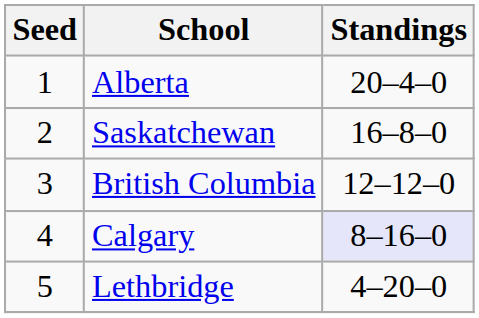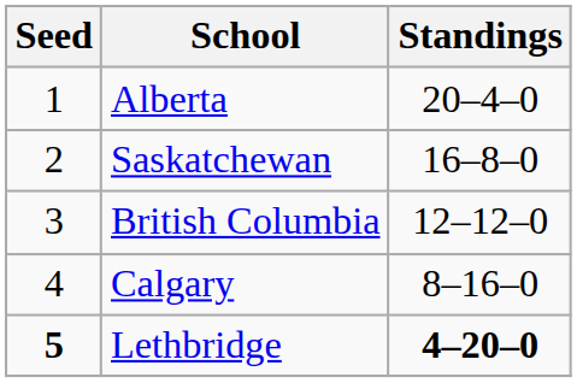 <table class="wikitable">
 <tr>
 <th>Seed</th>
 <th>School</th>
 <th>Standings</th>
 </tr>
 <tr>
 <td align=center>1</td>
 <td><a href='#'>Alberta</a></td>
 <td align=center>20–4–0</td>
 </tr>
 <tr>
 <td align=center>2</td>
 <td><a href='#'>Saskatchewan</a></td>
 <td align=center>16–8–0</td>
 </tr>
 <tr>
 <td align=center>3</td>
 <td><a href='#'>British Columbia</a></td>
 <td align=center>12–12–0</td>
 </tr>
 <tr>
 <td align=center>4</td>
 <td><a href='#'>Calgary</a></td>
-<td align=center style="background: lavender;">8–16–0</td>
+<td align=center>8–16–0</td>
 </tr>
 <tr>
-<td align=center>5</td>
+<td align=center><strong>5</strong></td>
 <td><a href='#'>Lethbridge</a></td>
-<td align=center>4–20–0</td>
+<td align=center><strong>4–20–0</strong></td>
 </tr>
 <tr>
 </tr>
 </table>
